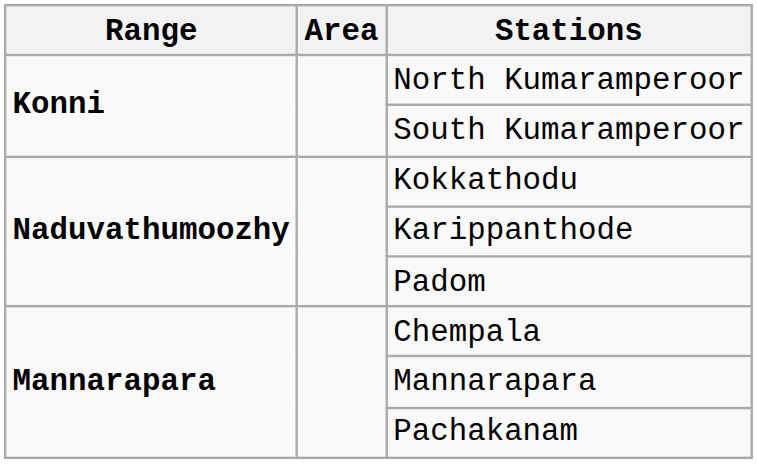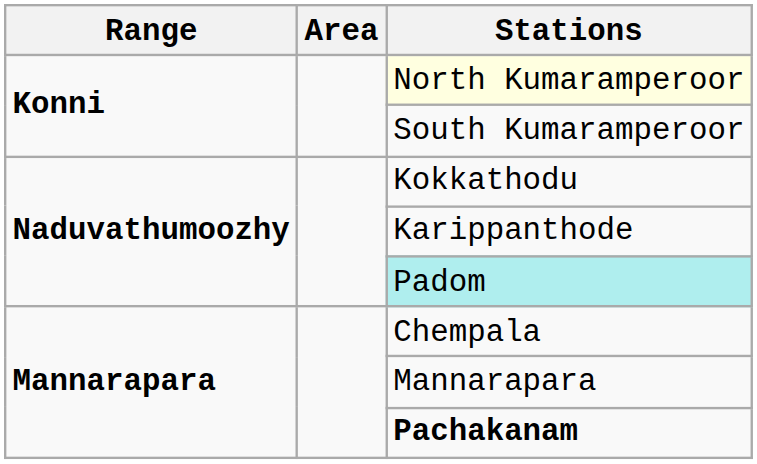 <table class="wikitable">
 <tr>
 <th>Range</th>
 <th>Area</th>
 <th>Stations</th>
 </tr>
 <tr>
 <td rowspan="2"><strong>Konni</strong></td>
 <td rowspan="2"></td>
-<td>North Kumaramperoor</td>
+<td style="background: lightyellow;">North Kumaramperoor</td>
 </tr>
 <tr>
 <td>South Kumaramperoor</td>
 </tr>
 <tr>
 <td rowspan="3"><strong>Naduvathumoozhy</strong></td>
 <td rowspan="3"></td>
 <td>Kokkathodu</td>
 </tr>
 <tr>
 <td>Karippanthode</td>
 </tr>
 <tr>
-<td>Padom</td>
+<td style="background: paleturquoise;">Padom</td>
 </tr>
 <tr>
 <td rowspan="3"><strong>Mannarapara</strong></td>
 <td rowspan="3"></td>
 <td>Chempala</td>
 </tr>
 <tr>
 <td>Mannarapara</td>
 </tr>
 <tr>
-<td>Pachakanam</td>
+<td><strong>Pachakanam</strong></td>
 </tr>
 </table>
